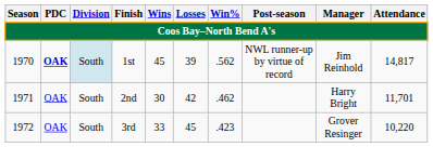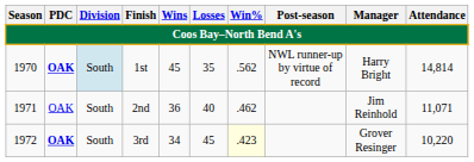 <table class="wikitable" style="text-align:center; font-size:95%">
 <tr>
 <th scope="col">Season</th>
 <th scope="col">PDC</th>
 <th scope="col"><a href='#'>Division</a></th>
 <th scope="col">Finish</th>
 <th scope="col"><a href='#'>Wins</a></th>
 <th scope="col"><a href='#'>Losses</a></th>
 <th scope="col"><a href='#'>Win%</a></th>
 <th scope="col">Post-season</th>
 <th scope="col">Manager</th>
 <th scope="col">Attendance</th>
 </tr>
 <tr>
 <td align="center" colspan="11" style="background: #007444; color: white; border:2px solid #EFB21E"><strong>Coos Bay–North Bend A's</strong></td>
 </tr>
 <tr>
 <td>1970</td>
 <td><strong><a href='#'>OAK</a></strong></td>
 <td bgcolor="#Dr0E7FF">South</td>
 <td>1st</td>
 <td>45</td>
-<td>39</td>
+<td>35</td>
 <td>.562</td>
 <td>NWL runner-up by virtue of record</td>
-<td>Jim Reinhold</td>
-<td>14,817</td>
+<td>Harry Bright</td>
+<td>14,814</td>
 </tr>
 <tr>
 <td>1971</td>
 <td><a href='#'>OAK</a></td>
 <td>South</td>
 <td>2nd</td>
-<td>30</td>
-<td>42</td>
+<td>36</td>
+<td>40</td>
 <td>.462</td>
 <td></td>
-<td>Harry Bright</td>
-<td>11,701</td>
+<td>Jim Reinhold</td>
+<td>11,071</td>
 </tr>
 <tr>
 <td>1972</td>
-<td><a href='#'>OAK</a></td>
+<td><strong><a href='#'>OAK</a></strong></td>
 <td>South</td>
 <td>3rd</td>
-<td>33</td>
+<td>34</td>
 <td>45</td>
-<td>.423</td>
+<td style="background: lightyellow;">.423</td>
 <td></td>
 <td>Grover Resinger</td>
 <td>10,220</td>
 </tr>
 </table>
